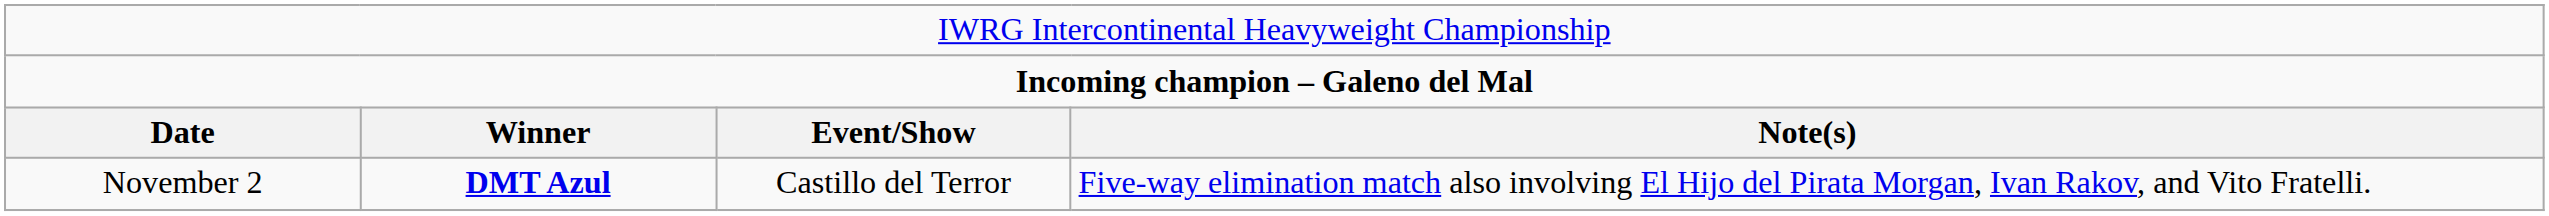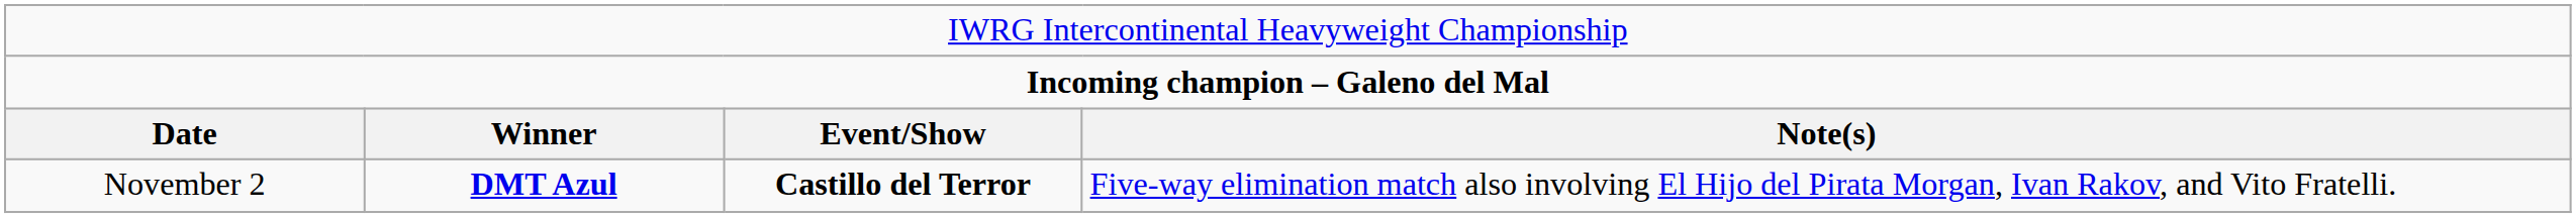 <table class="wikitable" style="text-align:center; width:100%;">
 <tr>
 <td colspan="5" style="text-align: center;"><a href='#'>IWRG Intercontinental Heavyweight Championship</a></td>
 </tr>
 <tr>
 <td colspan="5" style="text-align: center;"><strong>Incoming champion – Galeno del Mal</strong></td>
 </tr>
 <tr>
 <th width=14%>Date</th>
 <th width=14%>Winner</th>
 <th width=14%>Event/Show</th>
 <th width=58%>Note(s)</th>
 </tr>
 <tr>
 <td>November 2</td>
 <td><strong><a href='#'>DMT Azul</a></strong></td>
-<td>Castillo del Terror</td>
+<td><strong>Castillo del Terror</strong></td>
 <td align=left><a href='#'>Five-way elimination match</a> also involving <a href='#'>El Hijo del Pirata Morgan</a>, <a href='#'>Ivan Rakov</a>, and Vito Fratelli.</td>
 </tr>
 </table>
